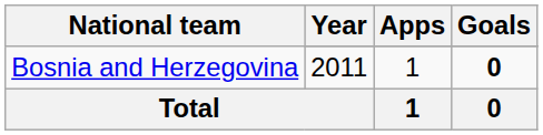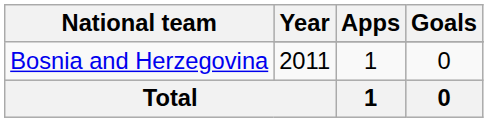 <table class="wikitable" style="text-align: center;">
 <tr>
 <th>National team</th>
 <th>Year</th>
 <th>Apps</th>
 <th>Goals</th>
 </tr>
 <tr>
 <td rowspan=2><a href='#'>Bosnia and Herzegovina</a></td>
 </tr>
 <tr>
 <td>2011</td>
 <td>1</td>
-<td><strong>0</strong></td>
+<td>0</td>
 </tr>
 <tr>
 <th colspan=2>Total</th>
 <th>1</th>
 <th>0</th>
 </tr>
 </table>
